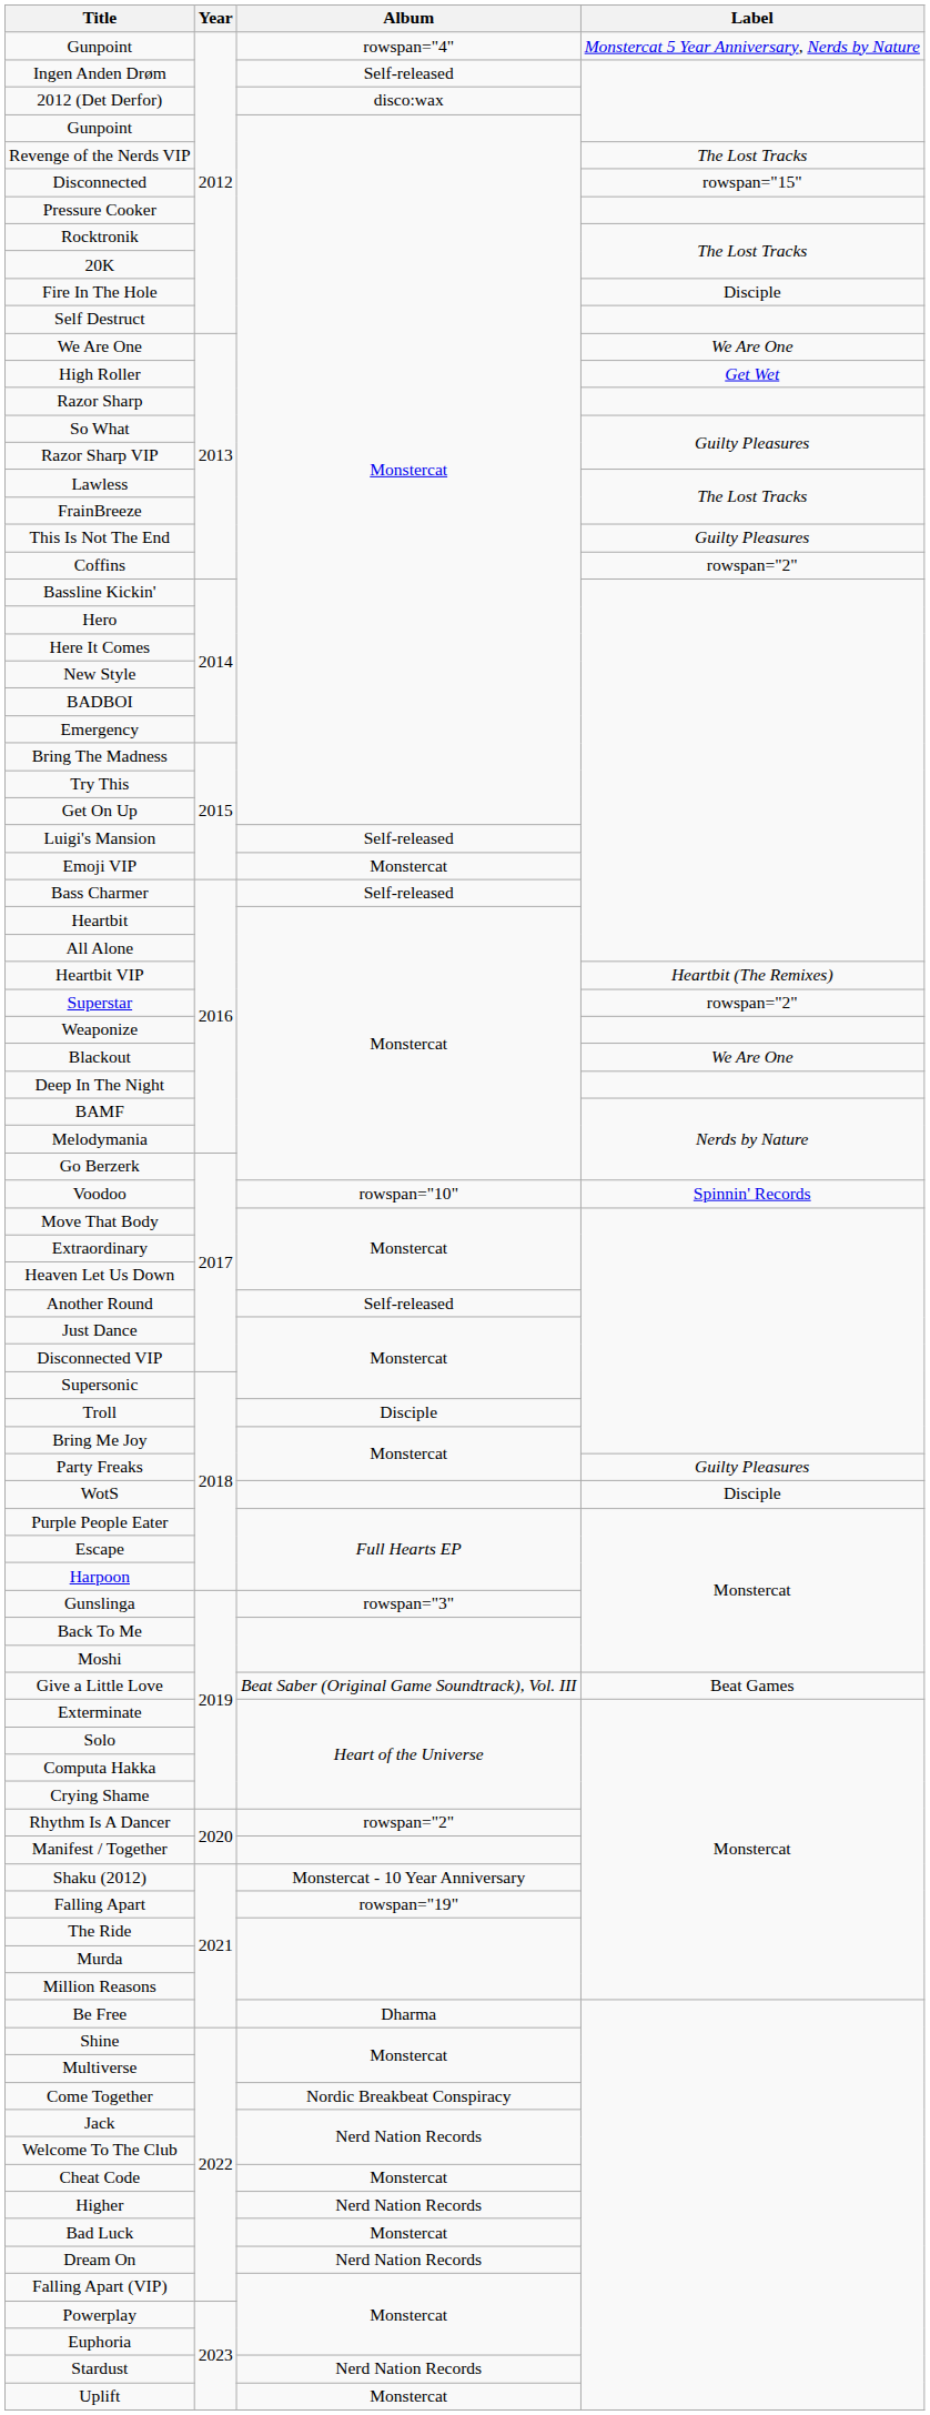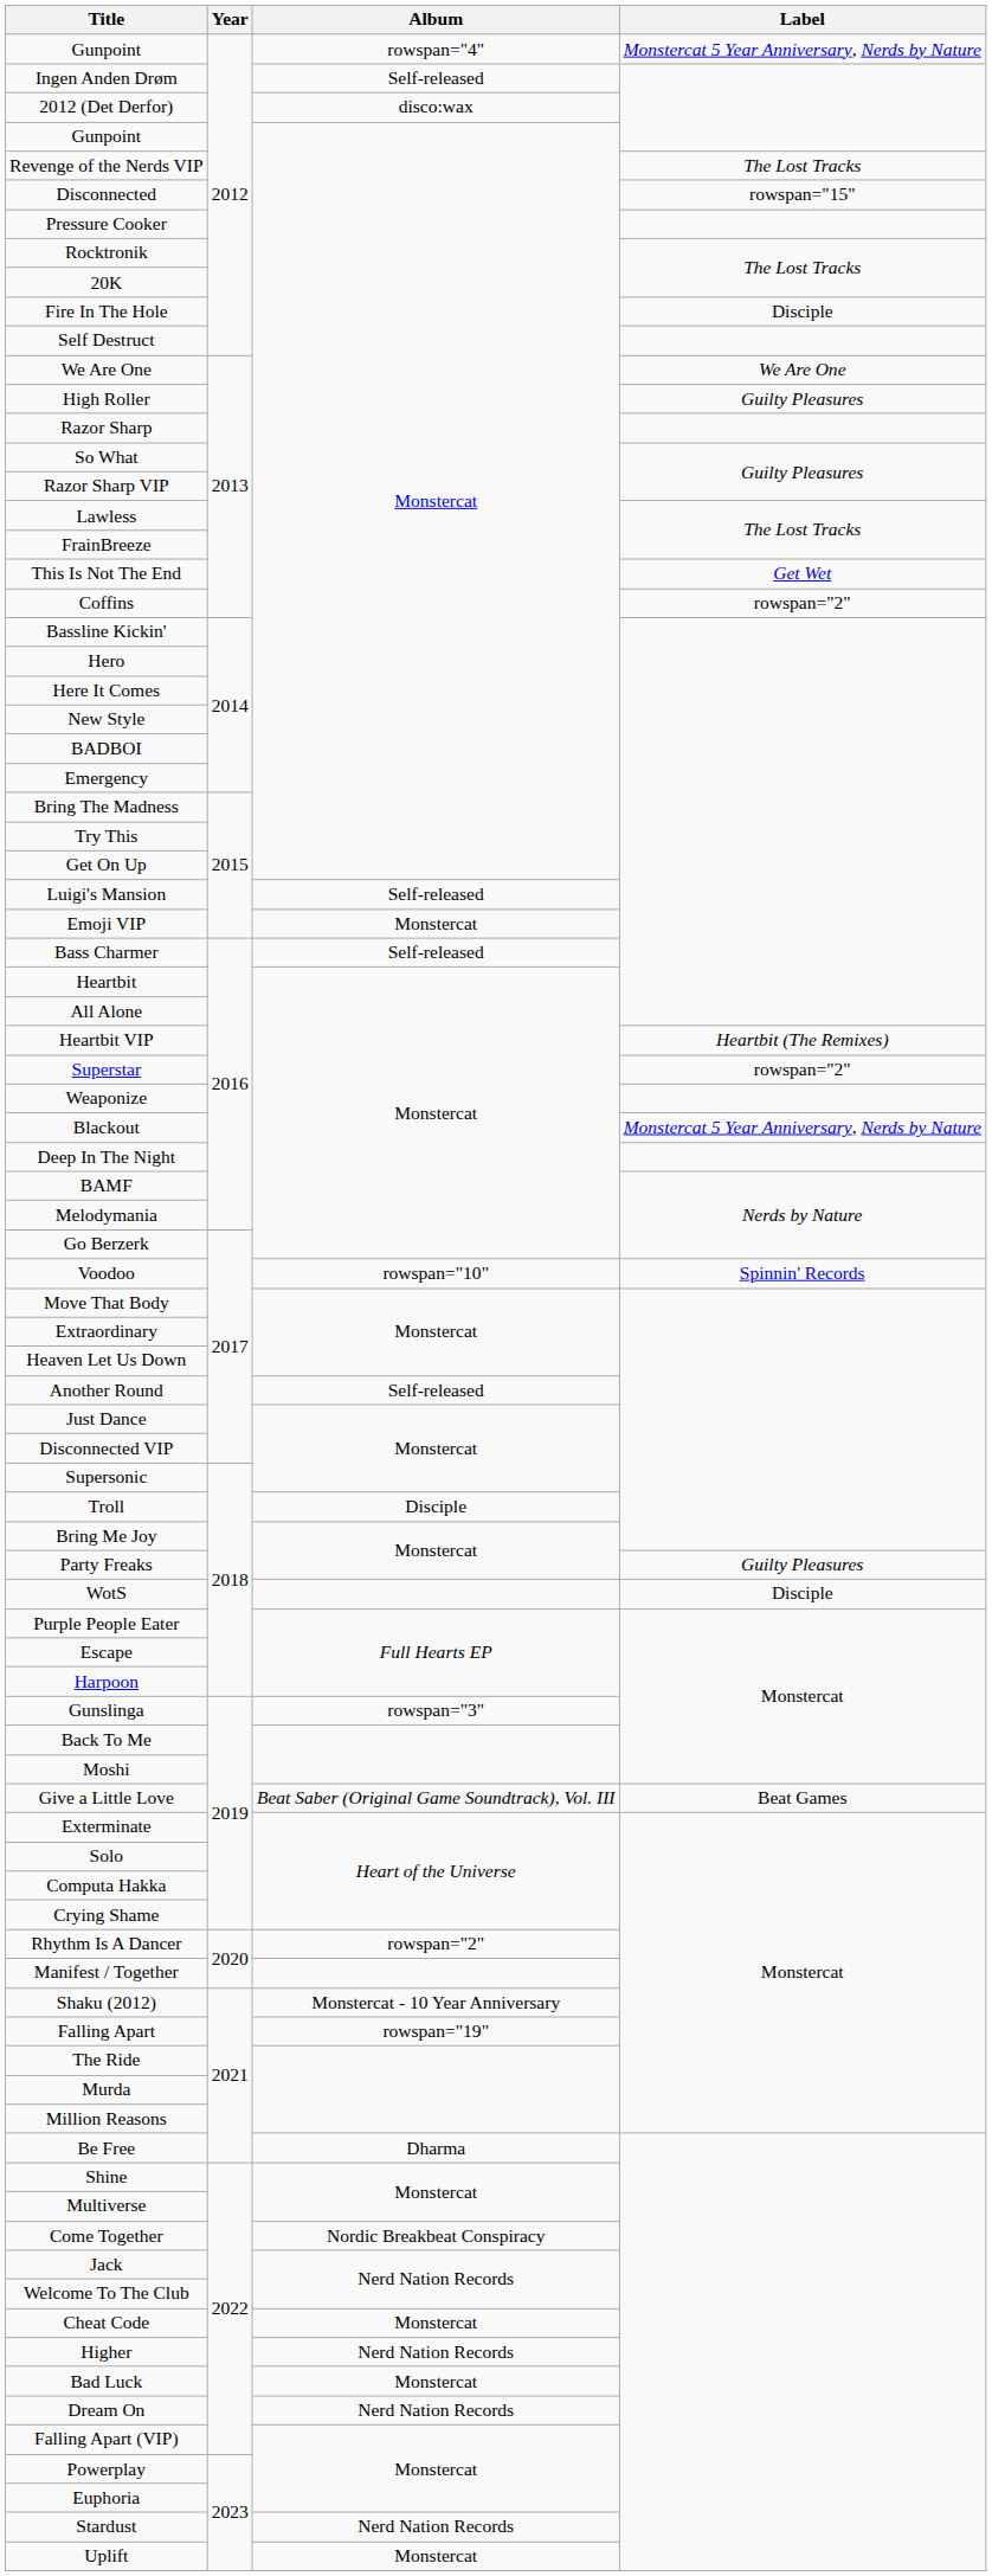 <table class="wikitable plainrowheaders" style="text-align:center;">
 <tr>
 <th scope="col">Title</th>
 <th scope="col">Year</th>
 <th scope="col">Album</th>
 <th scope="col">Label</th>
 </tr>
 <tr>
 <td>Gunpoint</td>
 <td rowspan="11">2012</td>
 <td>rowspan="4" </td>
 <td><em><a href='#'>Monstercat 5 Year Anniversary</a></em>, <em><a href='#'>Nerds by Nature</a></em></td>
 </tr>
 <tr>
 <td>Ingen Anden Drøm </td>
 <td>Self-released</td>
 </tr>
 <tr>
 <td>2012 (Det Derfor) </td>
 <td>disco:wax</td>
 </tr>
 <tr>
 <td>Gunpoint </td>
 <td rowspan="26"><a href='#'>Monstercat</a></td>
 </tr>
 <tr>
 <td>Revenge of the Nerds VIP</td>
 <td><em>The Lost Tracks</em></td>
 </tr>
 <tr>
 <td>Disconnected</td>
 <td>rowspan="15" </td>
 </tr>
 <tr>
 <td>Pressure Cooker</td>
 </tr>
 <tr>
 <td>Rocktronik</td>
 <td rowspan="2"><em>The Lost Tracks</em></td>
 </tr>
 <tr>
 <td>20K</td>
 </tr>
 <tr>
 <td>Fire In The Hole</td>
 <td>Disciple</td>
 </tr>
 <tr>
 <td>Self Destruct</td>
 </tr>
 <tr>
 <td>We Are One </td>
 <td rowspan="9">2013</td>
 <td><em>We Are One</em></td>
 </tr>
 <tr>
 <td>High Roller </td>
-<td><a href='#'><em>Get Wet</em></a></td>
+<td><em>Guilty Pleasures</em></td>
 </tr>
 <tr>
 <td>Razor Sharp </td>
 <td></td>
 </tr>
 <tr>
 <td>So What</td>
 <td rowspan="2"><em>Guilty Pleasures</em></td>
 </tr>
 <tr>
 <td>Razor Sharp VIP </td>
 </tr>
 <tr>
 <td>Lawless</td>
 <td rowspan="2"><em>The Lost Tracks</em></td>
 </tr>
 <tr>
 <td>FrainBreeze</td>
 </tr>
 <tr>
 <td>This Is Not The End </td>
-<td><em>Guilty Pleasures</em></td>
+<td><a href='#'><em>Get Wet</em></a></td>
 </tr>
 <tr>
 <td>Coffins </td>
 <td>rowspan="2" </td>
 </tr>
 <tr>
 <td>Bassline Kickin'</td>
 <td rowspan="6">2014</td>
 </tr>
 <tr>
 <td>Hero </td>
 </tr>
 <tr>
 <td>Here It Comes</td>
 </tr>
 <tr>
 <td>New Style</td>
 </tr>
 <tr>
 <td>BADBOI</td>
 </tr>
 <tr>
 <td>Emergency</td>
 </tr>
 <tr>
 <td>Bring The Madness </td>
 <td rowspan="5">2015</td>
 </tr>
 <tr>
 <td>Try This</td>
 </tr>
 <tr>
 <td>Get On Up </td>
 </tr>
 <tr>
 <td>Luigi's Mansion</td>
 <td>Self-released</td>
 </tr>
 <tr>
 <td>Emoji VIP</td>
 <td>Monstercat</td>
 </tr>
 <tr>
 <td>Bass Charmer </td>
 <td rowspan="10">2016</td>
 <td>Self-released</td>
 </tr>
 <tr>
 <td>Heartbit </td>
 <td rowspan="10">Monstercat</td>
 </tr>
 <tr>
 <td>All Alone </td>
 </tr>
 <tr>
 <td>Heartbit VIP </td>
 <td><em>Heartbit (The Remixes)</em></td>
 </tr>
 <tr>
 <td><a href='#'>Superstar</a> </td>
 <td>rowspan="2" </td>
 </tr>
 <tr>
 <td>Weaponize </td>
 </tr>
 <tr>
 <td>Blackout</td>
-<td><em>We Are One</em></td>
+<td><em><a href='#'>Monstercat 5 Year Anniversary</a></em>, <em><a href='#'>Nerds by Nature</a></em></td>
 </tr>
 <tr>
 <td>Deep In The Night </td>
 <td></td>
 </tr>
 <tr>
 <td>BAMF</td>
 <td rowspan="3"><em>Nerds by Nature</em></td>
 </tr>
 <tr>
 <td>Melodymania</td>
 </tr>
 <tr>
 <td>Go Berzerk </td>
 <td rowspan="8">2017</td>
 </tr>
 <tr>
 <td>Voodoo </td>
 <td>rowspan="10" </td>
 <td><a href='#'>Spinnin' Records</a></td>
 </tr>
 <tr>
 <td>Move That Body </td>
 <td rowspan="3">Monstercat</td>
 </tr>
 <tr>
 <td>Extraordinary </td>
 </tr>
 <tr>
 <td>Heaven Let Us Down </td>
 </tr>
 <tr>
 <td>Another Round </td>
 <td>Self-released</td>
 </tr>
 <tr>
 <td>Just Dance </td>
 <td rowspan="3">Monstercat</td>
 </tr>
 <tr>
 <td>Disconnected VIP </td>
 </tr>
 <tr>
 <td>Supersonic  </td>
 <td rowspan="8">2018</td>
 </tr>
 <tr>
 <td>Troll </td>
 <td>Disciple</td>
 </tr>
 <tr>
 <td>Bring Me Joy </td>
 <td rowspan="2">Monstercat</td>
 </tr>
 <tr>
 <td>Party Freaks </td>
 <td><em>Guilty Pleasures</em></td>
 </tr>
 <tr>
 <td>WotS </td>
 <td></td>
 <td>Disciple</td>
 </tr>
 <tr>
 <td>Purple People Eater</td>
 <td rowspan="3"><em>Full Hearts EP</em></td>
 <td rowspan="6">Monstercat</td>
 </tr>
 <tr>
 <td>Escape </td>
 </tr>
 <tr>
 <td><a href='#'>Harpoon</a> </td>
 </tr>
 <tr>
 <td>Gunslinga </td>
 <td rowspan="8">2019</td>
 <td>rowspan="3" </td>
 </tr>
 <tr>
 <td>Back To Me</td>
 </tr>
 <tr>
 <td>Moshi </td>
 </tr>
 <tr>
 <td>Give a Little Love</td>
 <td><em>Beat Saber (Original Game Soundtrack), Vol. III</em></td>
 <td>Beat Games</td>
 </tr>
 <tr>
 <td>Exterminate</td>
 <td rowspan="4"><em>Heart of the Universe</em></td>
 <td rowspan="11">Monstercat</td>
 </tr>
 <tr>
 <td>Solo </td>
 </tr>
 <tr>
 <td>Computa Hakka </td>
 </tr>
 <tr>
 <td>Crying Shame </td>
 </tr>
 <tr>
 <td>Rhythm Is A Dancer </td>
 <td rowspan="2">2020</td>
 <td>rowspan="2" </td>
 </tr>
 <tr>
 <td>Manifest / Together </td>
 </tr>
 <tr>
 <td>Shaku (2012)</td>
 <td rowspan="6">2021</td>
 <td>Monstercat - 10 Year Anniversary</td>
 </tr>
 <tr>
 <td>Falling Apart </td>
 <td>rowspan="19" </td>
 </tr>
 <tr>
 <td>The Ride </td>
 </tr>
 <tr>
 <td>Murda </td>
 </tr>
 <tr>
 <td>Million Reasons </td>
 </tr>
 <tr>
 <td>Be Free </td>
 <td>Dharma</td>
 </tr>
 <tr>
 <td>Shine </td>
 <td rowspan="10">2022</td>
 <td rowspan="2">Monstercat</td>
 </tr>
 <tr>
 <td>Multiverse </td>
 </tr>
 <tr>
 <td>Come Together </td>
 <td>Nordic Breakbeat Conspiracy</td>
 </tr>
 <tr>
 <td>Jack</td>
 <td rowspan="2">Nerd Nation Records</td>
 </tr>
 <tr>
 <td>Welcome To The Club </td>
 </tr>
 <tr>
 <td>Cheat Code </td>
 <td>Monstercat</td>
 </tr>
 <tr>
 <td>Higher </td>
 <td>Nerd Nation Records</td>
 </tr>
 <tr>
 <td>Bad Luck </td>
 <td>Monstercat</td>
 </tr>
 <tr>
 <td>Dream On </td>
 <td>Nerd Nation Records</td>
 </tr>
 <tr>
 <td>Falling Apart (VIP) </td>
 <td rowspan="3">Monstercat</td>
 </tr>
 <tr>
 <td>Powerplay </td>
 <td rowspan="11">2023</td>
 </tr>
 <tr>
 <td>Euphoria </td>
 </tr>
 <tr>
 <td>Stardust </td>
 <td>Nerd Nation Records</td>
 </tr>
 <tr>
 <td>Uplift</td>
 <td>Monstercat</td>
 </tr>
 <tr>
 </tr>
 </table>
